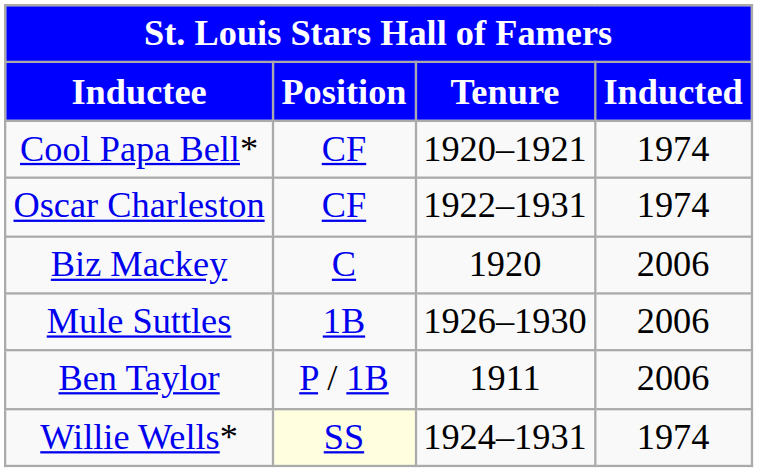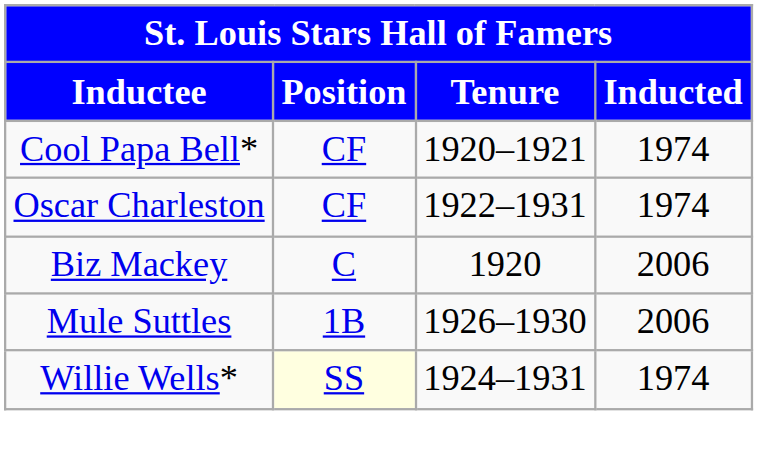 <table class="wikitable" style="text-align:center">
 <tr>
 <th colspan=4 style="background:blue; color:white;">St. Louis Stars Hall of Famers</th>
 </tr>
 <tr>
 <th style="background:blue; color:white;">Inductee</th>
 <th style="background:blue; color:white;">Position</th>
 <th style="background:blue; color:white;">Tenure</th>
 <th style="background:blue; color:white;">Inducted</th>
 </tr>
 <tr>
 <td><a href='#'>Cool Papa Bell</a>*</td>
 <td><a href='#'>CF</a></td>
 <td>1920–1921</td>
 <td>1974</td>
 </tr>
 <tr>
 <td><a href='#'>Oscar Charleston</a></td>
 <td><a href='#'>CF</a></td>
 <td>1922–1931</td>
 <td>1974</td>
 </tr>
 <tr>
 <td><a href='#'>Biz Mackey</a></td>
 <td><a href='#'>C</a></td>
 <td>1920</td>
 <td>2006</td>
 </tr>
 <tr>
 <td><a href='#'>Mule Suttles</a></td>
 <td><a href='#'>1B</a></td>
 <td>1926–1930</td>
 <td>2006</td>
 </tr>
 <tr>
-<td><a href='#'>Ben Taylor</a></td>
-<td><a href='#'>P</a> / <a href='#'>1B</a></td>
-<td>1911</td>
-<td>2006</td>
-</tr>
-<tr>
 <td><a href='#'>Willie Wells</a>*</td>
 <td style="background: lightyellow;"><a href='#'>SS</a></td>
 <td>1924–1931</td>
 <td>1974</td>
 </tr>
 </table>
